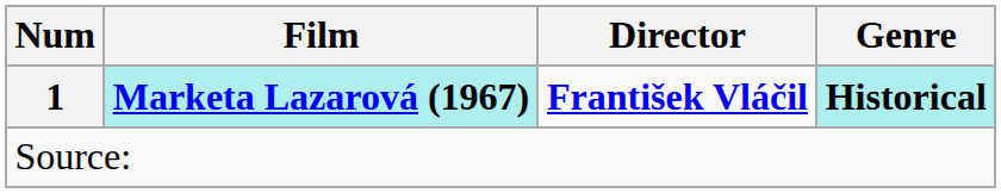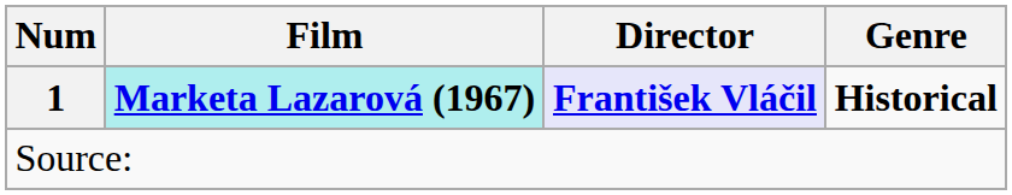 <table class="wikitable">
 <tr>
 <th>Num</th>
 <th>Film</th>
 <th>Director</th>
 <th>Genre</th>
 </tr>
 <tr>
 <th><strong>1</strong></th>
 <td style="background: paleturquoise;"><strong><a href='#'>Marketa Lazarová</a> (1967)</strong></td>
-<td><strong><a href='#'>František Vláčil</a></strong></td>
-<td style="background: paleturquoise;"><strong>Historical</strong></td>
+<td style="background: lavender;"><strong><a href='#'>František Vláčil</a></strong></td>
+<td><strong>Historical</strong></td>
 </tr>
 <tr>
 <td colspan="4">Source:</td>
 </tr>
 </table>
